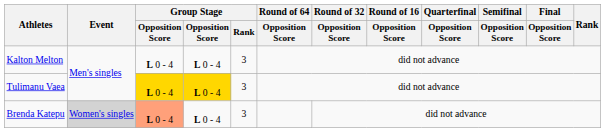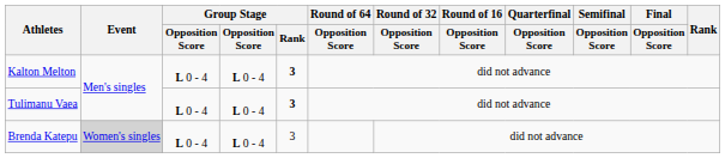 <table class="wikitable" style="font-size:90%">
 <tr>
 <th rowspan=2>Athletes</th>
 <th rowspan=2>Event</th>
 <th colspan=3>Group Stage</th>
 <th>Round of 64</th>
 <th>Round of 32</th>
 <th>Round of 16</th>
 <th>Quarterfinal</th>
 <th>Semifinal</th>
 <th>Final</th>
 <th rowspan=2>Rank</th>
 </tr>
 <tr style="font-size:95%">
 <th>Opposition<br>Score</th>
 <th>Opposition<br>Score</th>
 <th>Rank</th>
 <th>Opposition<br>Score</th>
 <th>Opposition<br>Score</th>
 <th>Opposition<br>Score</th>
 <th>Opposition<br>Score</th>
 <th>Opposition<br>Score</th>
 <th>Opposition<br>Score</th>
 </tr>
 <tr align=center>
 <td align=left><a href='#'>Kalton Melton</a></td>
 <td align=left rowspan=2><a href='#'>Men's singles</a></td>
 <td><br><strong>L</strong> 0 - 4</td>
 <td><br><strong>L</strong> 0 - 4</td>
-<td>3</td>
+<td><strong>3</strong></td>
 <td colspan=7>did not advance</td>
 </tr>
 <tr align=center>
 <td align=left><a href='#'>Tulimanu Vaea</a></td>
-<td style="background: gold;"><br><strong>L</strong> 0 - 4</td>
-<td style="background: gold;"><br><strong>L</strong> 0 - 4</td>
-<td>3</td>
+<td><br><strong>L</strong> 0 - 4</td>
+<td><br><strong>L</strong> 0 - 4</td>
+<td><strong>3</strong></td>
 <td colspan=7>did not advance</td>
 </tr>
 <tr align=center>
 <td align=left><a href='#'>Brenda Katepu</a></td>
 <td align=left style="background: lightgrey;"><a href='#'>Women's singles</a></td>
-<td style="background: lightsalmon;"><br><strong>L</strong> 0 - 4</td>
+<td><br><strong>L</strong> 0 - 4</td>
 <td><br><strong>L</strong> 0 - 4</td>
 <td>3</td>
 <td></td>
 <td colspan=6>did not advance</td>
 </tr>
 </table>
